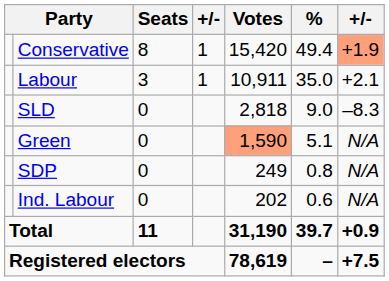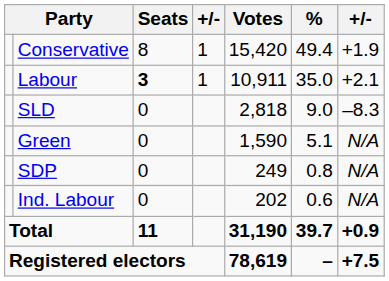 <table class="wikitable sortable">
 <tr>
 <th colspan="2">Party</th>
 <th>Seats</th>
 <th>+/-</th>
 <th>Votes</th>
 <th>%</th>
 <th>+/-</th>
 </tr>
 <tr>
 <td style="background-color: "></td>
 <td><a href='#'>Conservative</a></td>
 <td>8</td>
 <td> 1</td>
 <td style="text-align:right;">15,420</td>
 <td style="text-align:right;">49.4</td>
-<td style="background: lightsalmon; text-align:right;">+1.9</td>
+<td style="text-align:right;">+1.9</td>
 </tr>
 <tr>
 <td style="background-color: "></td>
 <td><a href='#'>Labour</a></td>
-<td>3</td>
+<td><strong>3</strong></td>
 <td> 1</td>
 <td style="text-align:right;">10,911</td>
 <td style="text-align:right;">35.0</td>
 <td style="text-align:right;">+2.1</td>
 </tr>
 <tr>
 <td style="background-color: "></td>
 <td><a href='#'>SLD</a></td>
 <td>0</td>
 <td></td>
 <td style="text-align:right;">2,818</td>
 <td style="text-align:right;">9.0</td>
 <td style="text-align:right;">–8.3</td>
 </tr>
 <tr>
 <td style="background-color: "></td>
 <td><a href='#'>Green</a></td>
 <td>0</td>
 <td></td>
-<td style="background: lightsalmon; text-align:right;">1,590</td>
+<td style="text-align:right;">1,590</td>
 <td style="text-align:right;">5.1</td>
 <td style="text-align:right;"><em>N/A</em></td>
 </tr>
 <tr>
 <td style="background-color: "></td>
 <td><a href='#'>SDP</a></td>
 <td>0</td>
 <td></td>
 <td style="text-align:right;">249</td>
 <td style="text-align:right;">0.8</td>
 <td style="text-align:right;"><em>N/A</em></td>
 </tr>
 <tr>
 <td style="background-color: "></td>
 <td><a href='#'>Ind. Labour</a></td>
 <td>0</td>
 <td></td>
 <td style="text-align:right;">202</td>
 <td style="text-align:right;">0.6</td>
 <td style="text-align:right;"><em>N/A</em></td>
 </tr>
 <tr>
 <td colspan="2"><strong>Total</strong></td>
 <td><strong>11</strong></td>
 <td></td>
 <td style="text-align:right;"><strong>31,190</strong></td>
 <td style="text-align:right;"><strong>39.7</strong></td>
 <td style="text-align:right;"><strong>+0.9</strong></td>
 </tr>
 <tr>
 <td colspan="4"><strong>Registered electors</strong></td>
 <td style="text-align:right;"><strong>78,619</strong></td>
 <td style="text-align:right;"><strong>–</strong></td>
 <td style="text-align:right;"><strong>+7.5</strong></td>
 </tr>
 </table>
